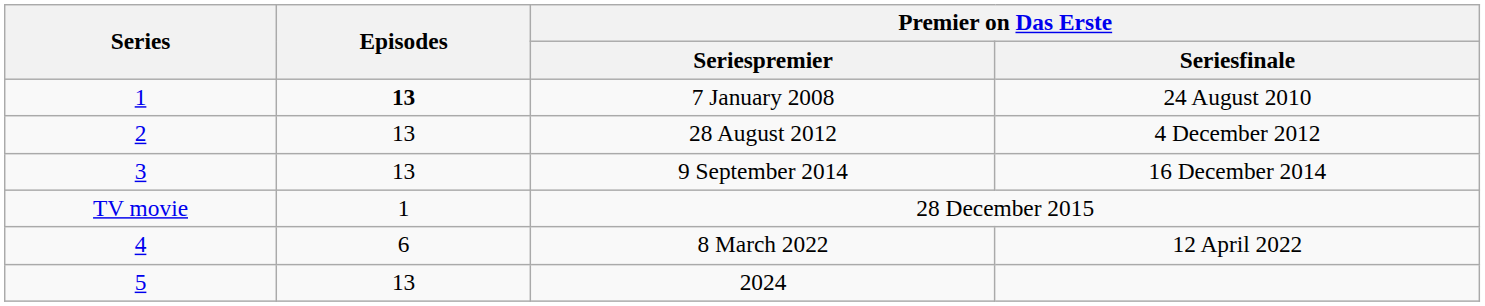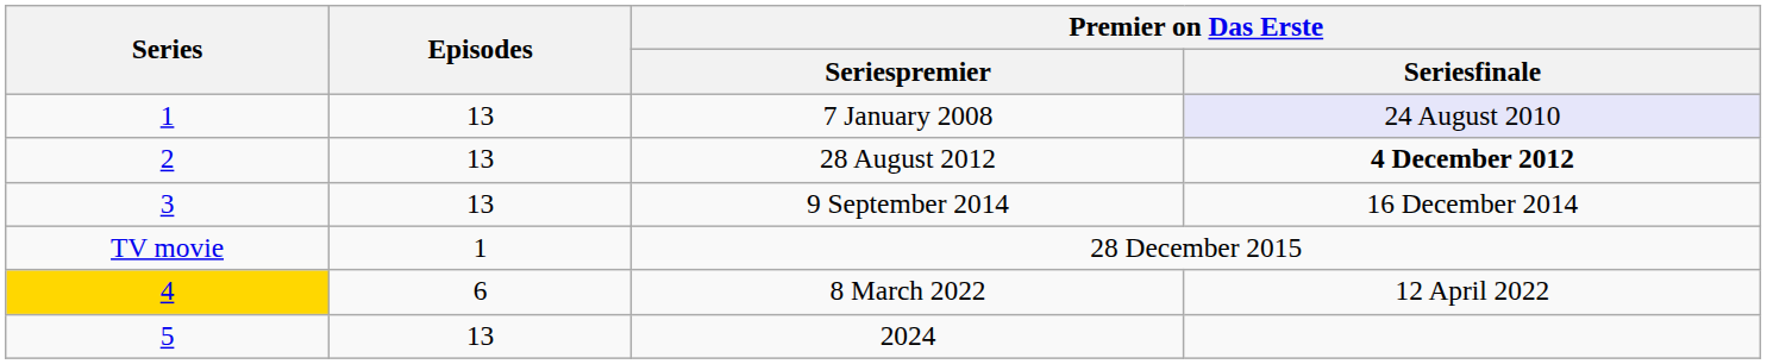 <table class="wikitable" style="text-align:center" width="80%">
 <tr class="hintergrundfarbe1">
 <th rowspan="2">Series</th>
 <th rowspan="2">Episodes</th>
 <th colspan="2">Premier on <a href='#'>Das Erste</a></th>
 </tr>
 <tr class="hintergrundfarbe1">
 <th>Seriespremier</th>
 <th>Seriesfinale</th>
 </tr>
 <tr>
 <td><a href='#'>1</a></td>
-<td><strong>13</strong></td>
+<td>13</td>
 <td>7 January 2008</td>
-<td>24 August 2010</td>
+<td style="background: lavender;">24 August 2010</td>
 </tr>
 <tr>
 <td><a href='#'>2</a></td>
 <td>13</td>
 <td>28 August 2012</td>
-<td>4 December 2012</td>
+<td><strong>4 December 2012</strong></td>
 </tr>
 <tr>
 <td><a href='#'>3</a></td>
 <td>13</td>
 <td>9 September 2014</td>
 <td>16 December 2014</td>
 </tr>
 <tr>
 <td><a href='#'>TV movie</a></td>
 <td>1</td>
 <td colspan="2">28 December 2015</td>
 </tr>
 <tr>
-<td><a href='#'>4</a></td>
+<td style="background: gold;"><a href='#'>4</a></td>
 <td>6</td>
 <td>8 March 2022</td>
 <td>12 April 2022</td>
 </tr>
 <tr>
 <td><a href='#'>5</a></td>
 <td>13</td>
 <td>2024</td>
 <td></td>
 </tr>
 </table>
